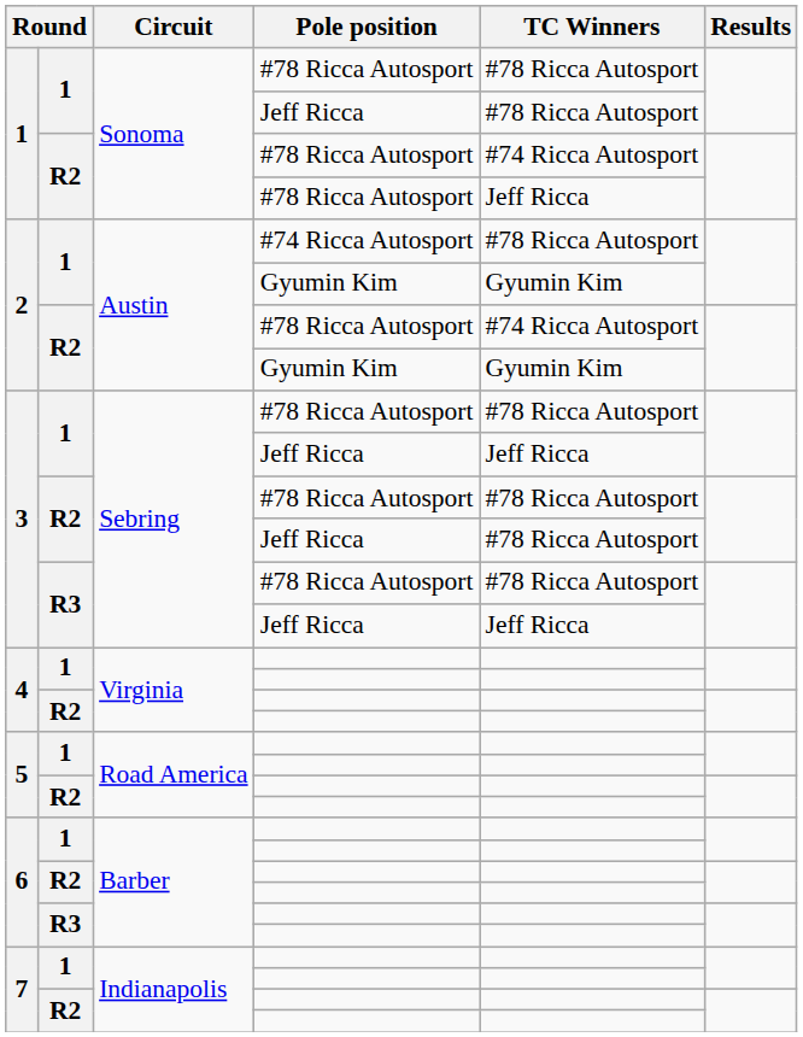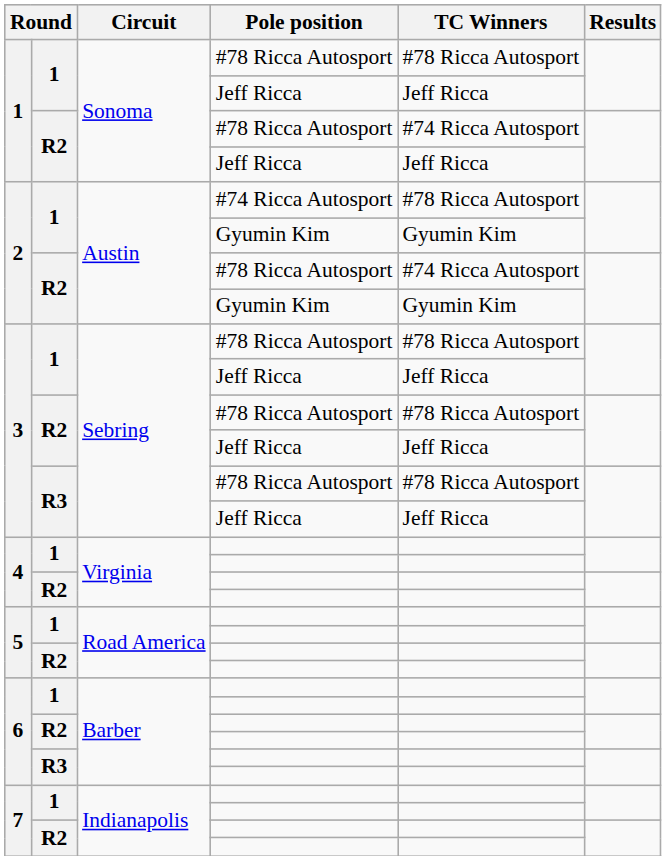 <table class="wikitable" style="font-size:85%;">
 <tr>
 <th colspan="2">Round</th>
 <th>Circuit</th>
 <th>Pole position</th>
 <th>TC Winners</th>
 <th>Results</th>
 </tr>
 <tr>
 <th rowspan="4">1</th>
 <th rowspan="2">1</th>
 <td rowspan="4"> <a href='#'>Sonoma</a></td>
 <td> #78 Ricca Autosport</td>
 <td> #78 Ricca Autosport</td>
 <td rowspan="2" align="center"></td>
 </tr>
 <tr>
 <td> Jeff Ricca</td>
-<td> #78 Ricca Autosport</td>
+<td> Jeff Ricca</td>
 </tr>
 <tr>
 <th rowspan="2">R2</th>
 <td> #78 Ricca Autosport</td>
 <td> #74 Ricca Autosport</td>
 <td rowspan="2" align="center"></td>
 </tr>
 <tr>
-<td> #78 Ricca Autosport</td>
+<td> Jeff Ricca</td>
 <td> Jeff Ricca</td>
 </tr>
 <tr>
 <th rowspan="4">2</th>
 <th rowspan="2">1</th>
 <td rowspan="4"> <a href='#'>Austin</a></td>
 <td> #74 Ricca Autosport</td>
 <td> #78 Ricca Autosport</td>
 <td rowspan="2" align="center"></td>
 </tr>
 <tr>
 <td> Gyumin Kim</td>
 <td> Gyumin Kim</td>
 </tr>
 <tr>
 <th rowspan="2">R2</th>
 <td> #78 Ricca Autosport</td>
 <td> #74 Ricca Autosport</td>
 <td rowspan="2" align="center"></td>
 </tr>
 <tr>
 <td> Gyumin Kim</td>
 <td> Gyumin Kim</td>
 </tr>
 <tr>
 <th rowspan="6">3</th>
 <th rowspan="2">1</th>
 <td rowspan="6"> <a href='#'>Sebring</a></td>
 <td> #78 Ricca Autosport</td>
 <td> #78 Ricca Autosport</td>
 <td rowspan="2" align="center"></td>
 </tr>
 <tr>
 <td> Jeff Ricca</td>
 <td> Jeff Ricca</td>
 </tr>
 <tr>
 <th rowspan="2">R2</th>
 <td> #78 Ricca Autosport</td>
 <td> #78 Ricca Autosport</td>
 <td rowspan="2" align="center"></td>
 </tr>
 <tr>
 <td> Jeff Ricca</td>
-<td> #78 Ricca Autosport</td>
+<td> Jeff Ricca</td>
 </tr>
 <tr>
 <th rowspan="2">R3</th>
 <td> #78 Ricca Autosport</td>
 <td> #78 Ricca Autosport</td>
 <td rowspan="2"></td>
 </tr>
 <tr>
 <td> Jeff Ricca</td>
 <td> Jeff Ricca</td>
 </tr>
 <tr>
 <th rowspan="4">4</th>
 <th rowspan="2">1</th>
 <td rowspan="4"> <a href='#'>Virginia</a></td>
 <td></td>
 <td></td>
 <td rowspan="2" align="center"></td>
 </tr>
 <tr>
 <td></td>
 <td></td>
 </tr>
 <tr>
 <th rowspan="2">R2</th>
 <td></td>
 <td></td>
 <td rowspan="2" align="center"></td>
 </tr>
 <tr>
 <td></td>
 <td></td>
 </tr>
 <tr>
 <th rowspan="4">5</th>
 <th rowspan="2">1</th>
 <td rowspan="4"> <a href='#'>Road America</a></td>
 <td></td>
 <td></td>
 <td rowspan="2" align="center"></td>
 </tr>
 <tr>
 <td></td>
 <td></td>
 </tr>
 <tr>
 <th rowspan="2">R2</th>
 <td></td>
 <td></td>
 <td rowspan="2" align="center"></td>
 </tr>
 <tr>
 <td></td>
 <td></td>
 </tr>
 <tr>
 <th rowspan="6">6</th>
 <th rowspan="2">1</th>
 <td rowspan="6"> <a href='#'>Barber</a></td>
 <td></td>
 <td></td>
 <td rowspan="2" align="center"></td>
 </tr>
 <tr>
 <td></td>
 <td></td>
 </tr>
 <tr>
 <th rowspan="2">R2</th>
 <td></td>
 <td></td>
 <td rowspan="2" align="center"></td>
 </tr>
 <tr>
 <td></td>
 <td></td>
 </tr>
 <tr>
 <th rowspan="2">R3</th>
 <td></td>
 <td></td>
 <td rowspan="2"></td>
 </tr>
 <tr>
 <td></td>
 <td></td>
 </tr>
 <tr>
 <th rowspan="4">7</th>
 <th rowspan="2">1</th>
 <td rowspan="4"> <a href='#'>Indianapolis</a></td>
 <td></td>
 <td></td>
 <td rowspan="2" align="center"></td>
 </tr>
 <tr>
 <td></td>
 <td></td>
 </tr>
 <tr>
 <th rowspan="2">R2</th>
 <td></td>
 <td></td>
 <td rowspan="2" align="center"></td>
 </tr>
 <tr>
 <td></td>
 <td></td>
 </tr>
 <tr>
 </tr>
 </table>
